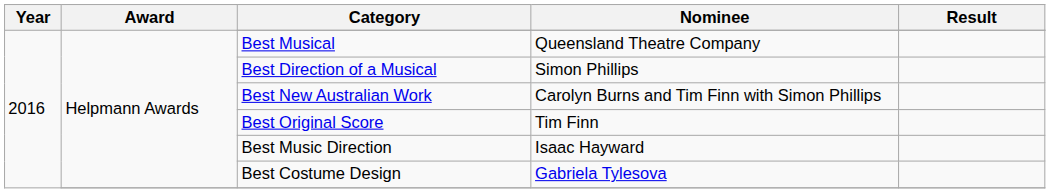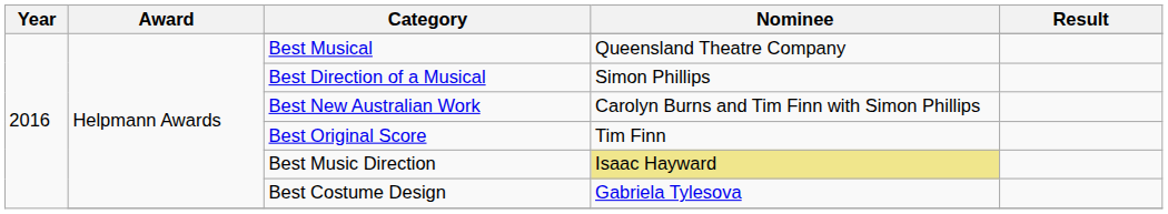 <table class="wikitable" width="80%">
 <tr>
 <th width="3%">Year</th>
 <th width="12%">Award</th>
 <th width="20%">Category</th>
 <th width="25%">Nominee</th>
 <th width="10%">Result</th>
 </tr>
 <tr>
 <td rowspan="8">2016</td>
 <td rowspan="7">Helpmann Awards</td>
 </tr>
 <tr>
 <td><a href='#'>Best Musical</a></td>
 <td>Queensland Theatre Company</td>
 <td></td>
 </tr>
 <tr>
 <td><a href='#'>Best Direction of a Musical</a></td>
 <td>Simon Phillips</td>
 <td></td>
 </tr>
 <tr>
 <td><a href='#'>Best New Australian Work</a></td>
 <td>Carolyn Burns and Tim Finn with Simon Phillips</td>
 <td></td>
 </tr>
 <tr>
 <td><a href='#'>Best Original Score</a></td>
 <td>Tim Finn</td>
 <td></td>
 </tr>
 <tr>
 <td>Best Music Direction</td>
-<td>Isaac Hayward</td>
+<td style="background: khaki;">Isaac Hayward</td>
 <td></td>
 </tr>
 <tr>
 <td>Best Costume Design</td>
 <td><a href='#'>Gabriela Tylesova</a></td>
 <td></td>
 </tr>
 <tr>
 </tr>
 </table>
